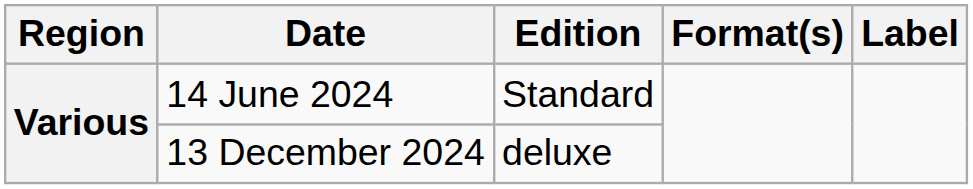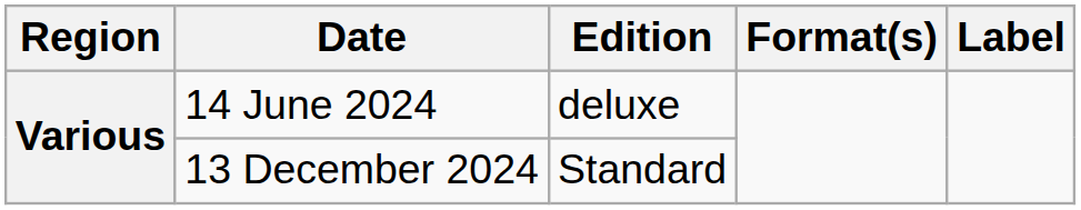 <table class="wikitable plainrowheaders">
 <tr>
 <th scope="col">Region</th>
 <th scope="col">Date</th>
 <th scope="col">Edition</th>
 <th scope="col">Format(s)</th>
 <th scope="col">Label</th>
 </tr>
 <tr>
 <th scope="row" rowspan="2">Various</th>
 <td>14 June 2024</td>
-<td>Standard</td>
+<td>deluxe</td>
 <td rowspan="2"></td>
 <td rowspan="2"></td>
 </tr>
 <tr>
 <td>13 December 2024</td>
-<td>deluxe</td>
+<td>Standard</td>
 </tr>
 </table>
